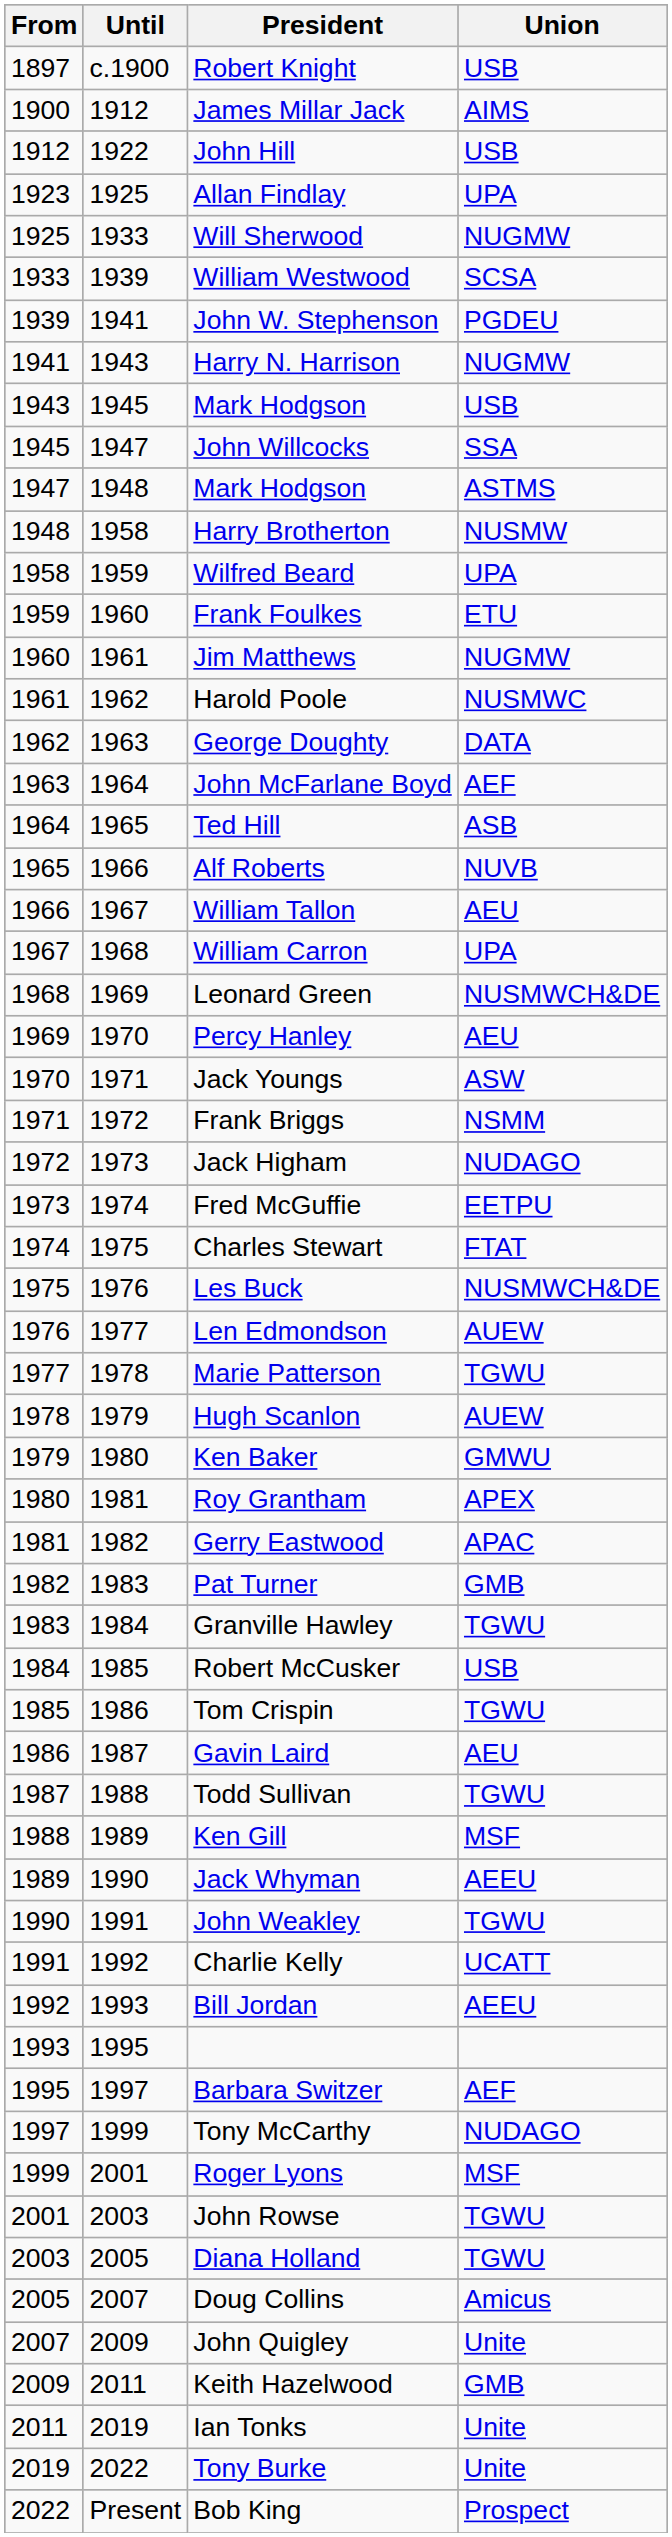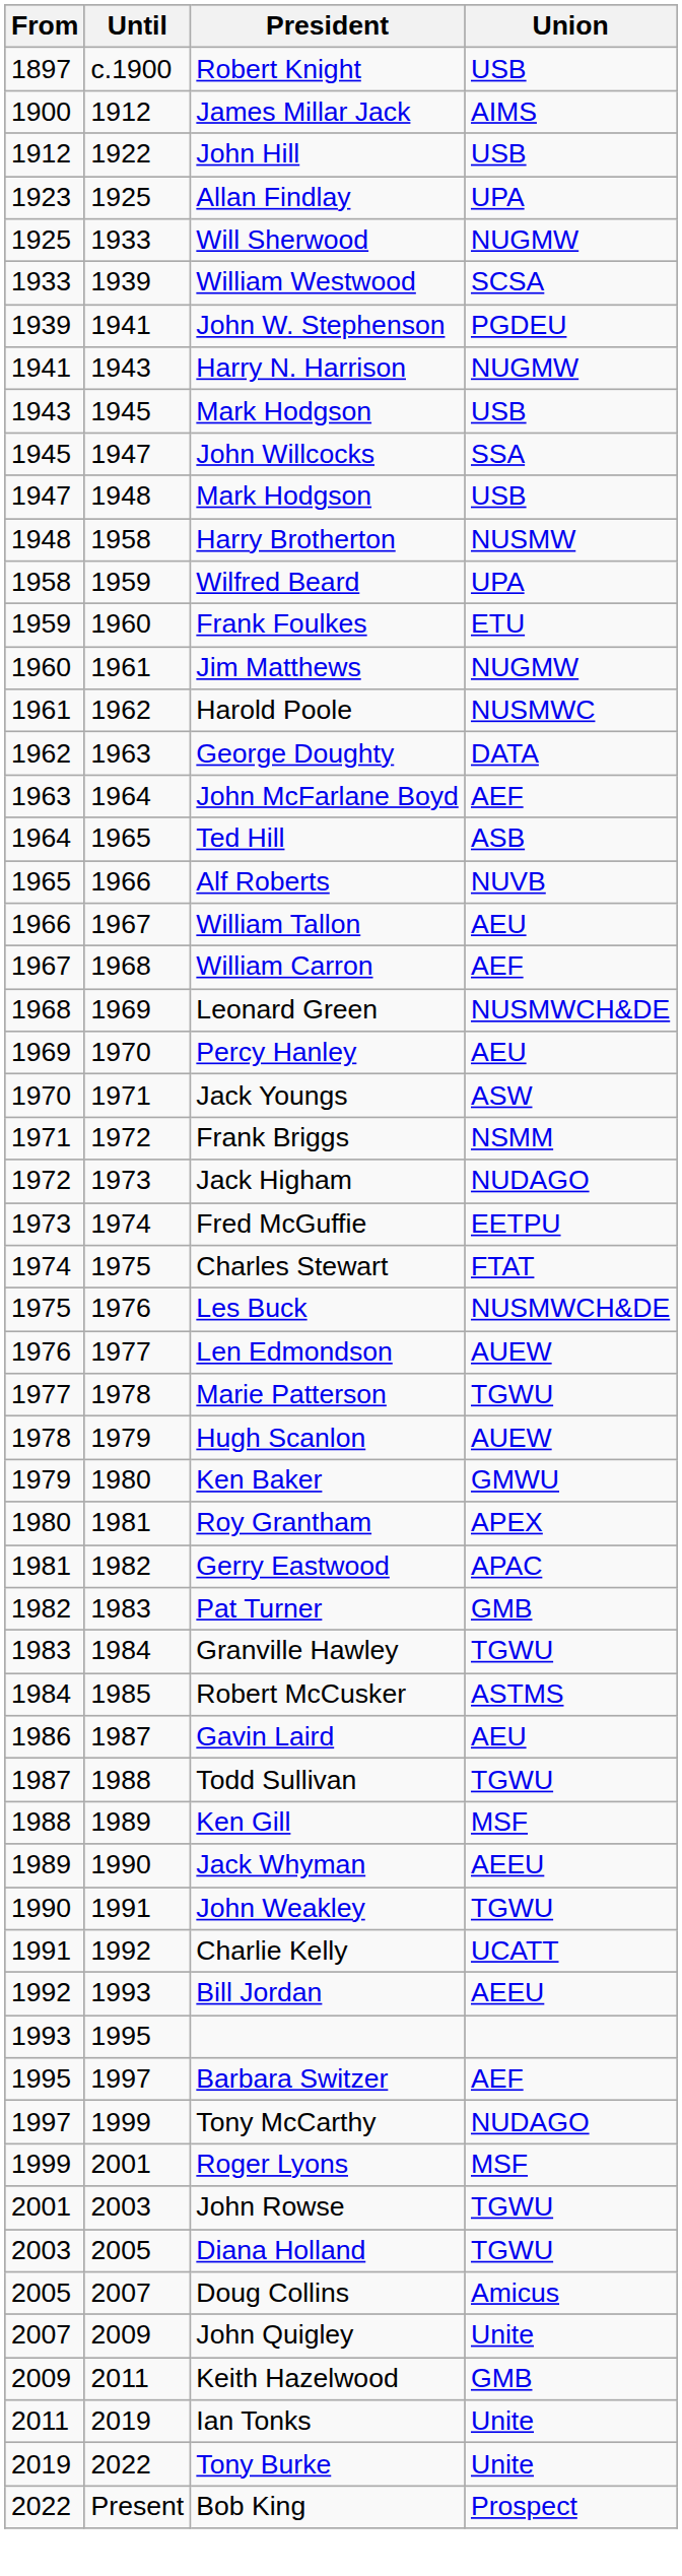 <table class="wikitable sortable">
 <tr>
 <th>From</th>
 <th>Until</th>
 <th>President</th>
 <th>Union</th>
 </tr>
 <tr>
 <td>1897</td>
 <td>c.1900</td>
 <td><a href='#'>Robert Knight</a></td>
 <td><a href='#'>USB</a></td>
 </tr>
 <tr>
 <td>1900</td>
 <td>1912</td>
 <td><a href='#'>James Millar Jack</a></td>
 <td><a href='#'>AIMS</a></td>
 </tr>
 <tr>
 <td>1912</td>
 <td>1922</td>
 <td><a href='#'>John Hill</a></td>
 <td><a href='#'>USB</a></td>
 </tr>
 <tr>
 <td>1923</td>
 <td>1925</td>
 <td><a href='#'>Allan Findlay</a></td>
 <td><a href='#'>UPA</a></td>
 </tr>
 <tr>
 <td>1925</td>
 <td>1933</td>
 <td><a href='#'>Will Sherwood</a></td>
 <td><a href='#'>NUGMW</a></td>
 </tr>
 <tr>
 <td>1933</td>
 <td>1939</td>
 <td><a href='#'>William Westwood</a></td>
 <td><a href='#'>SCSA</a></td>
 </tr>
 <tr>
 <td>1939</td>
 <td>1941</td>
 <td><a href='#'>John W. Stephenson</a></td>
 <td><a href='#'>PGDEU</a></td>
 </tr>
 <tr>
 <td>1941</td>
 <td>1943</td>
 <td><a href='#'>Harry N. Harrison</a></td>
 <td><a href='#'>NUGMW</a></td>
 </tr>
 <tr>
 <td>1943</td>
 <td>1945</td>
 <td><a href='#'>Mark Hodgson</a></td>
 <td><a href='#'>USB</a></td>
 </tr>
 <tr>
 <td>1945</td>
 <td>1947</td>
 <td><a href='#'>John Willcocks</a></td>
 <td><a href='#'>SSA</a></td>
 </tr>
 <tr>
 <td>1947</td>
 <td>1948</td>
 <td><a href='#'>Mark Hodgson</a></td>
-<td><a href='#'>ASTMS</a></td>
+<td><a href='#'>USB</a></td>
 </tr>
 <tr>
 <td>1948</td>
 <td>1958</td>
 <td><a href='#'>Harry Brotherton</a></td>
 <td><a href='#'>NUSMW</a></td>
 </tr>
 <tr>
 <td>1958</td>
 <td>1959</td>
 <td><a href='#'>Wilfred Beard</a></td>
 <td><a href='#'>UPA</a></td>
 </tr>
 <tr>
 <td>1959</td>
 <td>1960</td>
 <td><a href='#'>Frank Foulkes</a></td>
 <td><a href='#'>ETU</a></td>
 </tr>
 <tr>
 <td>1960</td>
 <td>1961</td>
 <td><a href='#'>Jim Matthews</a></td>
 <td><a href='#'>NUGMW</a></td>
 </tr>
 <tr>
 <td>1961</td>
 <td>1962</td>
 <td>Harold Poole</td>
 <td><a href='#'>NUSMWC</a></td>
 </tr>
 <tr>
 <td>1962</td>
 <td>1963</td>
 <td><a href='#'>George Doughty</a></td>
 <td><a href='#'>DATA</a></td>
 </tr>
 <tr>
 <td>1963</td>
 <td>1964</td>
 <td><a href='#'>John McFarlane Boyd</a></td>
 <td><a href='#'>AEF</a></td>
 </tr>
 <tr>
 <td>1964</td>
 <td>1965</td>
 <td><a href='#'>Ted Hill</a></td>
 <td><a href='#'>ASB</a></td>
 </tr>
 <tr>
 <td>1965</td>
 <td>1966</td>
 <td><a href='#'>Alf Roberts</a></td>
 <td><a href='#'>NUVB</a></td>
 </tr>
 <tr>
 <td>1966</td>
 <td>1967</td>
 <td><a href='#'>William Tallon</a></td>
 <td><a href='#'>AEU</a></td>
 </tr>
 <tr>
 <td>1967</td>
 <td>1968</td>
 <td><a href='#'>William Carron</a></td>
-<td><a href='#'>UPA</a></td>
+<td><a href='#'>AEF</a></td>
 </tr>
 <tr>
 <td>1968</td>
 <td>1969</td>
 <td>Leonard Green</td>
 <td><a href='#'>NUSMWCH&DE</a></td>
 </tr>
 <tr>
 <td>1969</td>
 <td>1970</td>
 <td><a href='#'>Percy Hanley</a></td>
 <td><a href='#'>AEU</a></td>
 </tr>
 <tr>
 <td>1970</td>
 <td>1971</td>
 <td>Jack Youngs</td>
 <td><a href='#'>ASW</a></td>
 </tr>
 <tr>
 <td>1971</td>
 <td>1972</td>
 <td>Frank Briggs</td>
 <td><a href='#'>NSMM</a></td>
 </tr>
 <tr>
 <td>1972</td>
 <td>1973</td>
 <td>Jack Higham</td>
 <td><a href='#'>NUDAGO</a></td>
 </tr>
 <tr>
 <td>1973</td>
 <td>1974</td>
 <td>Fred McGuffie</td>
 <td><a href='#'>EETPU</a></td>
 </tr>
 <tr>
 <td>1974</td>
 <td>1975</td>
 <td>Charles Stewart</td>
 <td><a href='#'>FTAT</a></td>
 </tr>
 <tr>
 <td>1975</td>
 <td>1976</td>
 <td><a href='#'>Les Buck</a></td>
 <td><a href='#'>NUSMWCH&DE</a></td>
 </tr>
 <tr>
 <td>1976</td>
 <td>1977</td>
 <td><a href='#'>Len Edmondson</a></td>
 <td><a href='#'>AUEW</a></td>
 </tr>
 <tr>
 <td>1977</td>
 <td>1978</td>
 <td><a href='#'>Marie Patterson</a></td>
 <td><a href='#'>TGWU</a></td>
 </tr>
 <tr>
 <td>1978</td>
 <td>1979</td>
 <td><a href='#'>Hugh Scanlon</a></td>
 <td><a href='#'>AUEW</a></td>
 </tr>
 <tr>
 <td>1979</td>
 <td>1980</td>
 <td><a href='#'>Ken Baker</a></td>
 <td><a href='#'>GMWU</a></td>
 </tr>
 <tr>
 <td>1980</td>
 <td>1981</td>
 <td><a href='#'>Roy Grantham</a></td>
 <td><a href='#'>APEX</a></td>
 </tr>
 <tr>
 <td>1981</td>
 <td>1982</td>
 <td><a href='#'>Gerry Eastwood</a></td>
 <td><a href='#'>APAC</a></td>
 </tr>
 <tr>
 <td>1982</td>
 <td>1983</td>
 <td><a href='#'>Pat Turner</a></td>
 <td><a href='#'>GMB</a></td>
 </tr>
 <tr>
 <td>1983</td>
 <td>1984</td>
 <td>Granville Hawley</td>
 <td><a href='#'>TGWU</a></td>
 </tr>
 <tr>
 <td>1984</td>
 <td>1985</td>
 <td>Robert McCusker</td>
-<td><a href='#'>USB</a></td>
-</tr>
-<tr>
-<td>1985</td>
-<td>1986</td>
-<td>Tom Crispin</td>
-<td><a href='#'>TGWU</a></td>
+<td><a href='#'>ASTMS</a></td>
 </tr>
 <tr>
 <td>1986</td>
 <td>1987</td>
 <td><a href='#'>Gavin Laird</a></td>
 <td><a href='#'>AEU</a></td>
 </tr>
 <tr>
 <td>1987</td>
 <td>1988</td>
 <td>Todd Sullivan</td>
 <td><a href='#'>TGWU</a></td>
 </tr>
 <tr>
 <td>1988</td>
 <td>1989</td>
 <td><a href='#'>Ken Gill</a></td>
 <td><a href='#'>MSF</a></td>
 </tr>
 <tr>
 <td>1989</td>
 <td>1990</td>
 <td><a href='#'>Jack Whyman</a></td>
 <td><a href='#'>AEEU</a></td>
 </tr>
 <tr>
 <td>1990</td>
 <td>1991</td>
 <td><a href='#'>John Weakley</a></td>
 <td><a href='#'>TGWU</a></td>
 </tr>
 <tr>
 <td>1991</td>
 <td>1992</td>
 <td>Charlie Kelly</td>
 <td><a href='#'>UCATT</a></td>
 </tr>
 <tr>
 <td>1992</td>
 <td>1993</td>
 <td><a href='#'>Bill Jordan</a></td>
 <td><a href='#'>AEEU</a></td>
 </tr>
 <tr>
 <td>1993</td>
 <td>1995</td>
 <td></td>
 <td></td>
 </tr>
 <tr>
 <td>1995</td>
 <td>1997</td>
 <td><a href='#'>Barbara Switzer</a></td>
 <td><a href='#'>AEF</a></td>
 </tr>
 <tr>
 <td>1997</td>
 <td>1999</td>
 <td>Tony McCarthy</td>
 <td><a href='#'>NUDAGO</a></td>
 </tr>
 <tr>
 <td>1999</td>
 <td>2001</td>
 <td><a href='#'>Roger Lyons</a></td>
 <td><a href='#'>MSF</a></td>
 </tr>
 <tr>
 <td>2001</td>
 <td>2003</td>
 <td>John Rowse</td>
 <td><a href='#'>TGWU</a></td>
 </tr>
 <tr>
 <td>2003</td>
 <td>2005</td>
 <td><a href='#'>Diana Holland</a></td>
 <td><a href='#'>TGWU</a></td>
 </tr>
 <tr>
 <td>2005</td>
 <td>2007</td>
 <td>Doug Collins</td>
 <td><a href='#'>Amicus</a></td>
 </tr>
 <tr>
 <td>2007</td>
 <td>2009</td>
 <td>John Quigley</td>
 <td><a href='#'>Unite</a></td>
 </tr>
 <tr>
 <td>2009</td>
 <td>2011</td>
 <td>Keith Hazelwood</td>
 <td><a href='#'>GMB</a></td>
 </tr>
 <tr>
 <td>2011</td>
 <td>2019</td>
 <td>Ian Tonks</td>
 <td><a href='#'>Unite</a></td>
 </tr>
 <tr>
 <td>2019</td>
 <td>2022</td>
 <td><a href='#'>Tony Burke</a></td>
 <td><a href='#'>Unite</a></td>
 </tr>
 <tr>
 <td>2022</td>
 <td>Present</td>
 <td>Bob King</td>
 <td><a href='#'>Prospect</a></td>
 </tr>
 </table>
